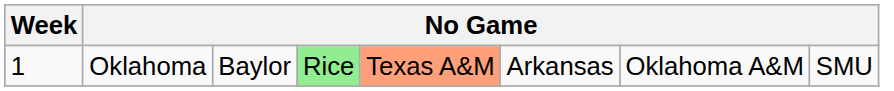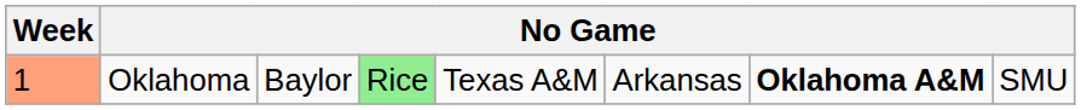 <table class="wikitable" style="font-size:95%">
 <tr>
 <th>Week</th>
 <th colspan="10">No Game</th>
 </tr>
 <tr>
-<td>1</td>
+<td style="background: lightsalmon;">1</td>
 <td>Oklahoma</td>
 <td>Baylor</td>
 <td style="background: lightgreen;">Rice</td>
-<td style="background: lightsalmon;">Texas A&M</td>
+<td>Texas A&M</td>
 <td>Arkansas</td>
-<td>Oklahoma A&M</td>
+<td><strong>Oklahoma A&M</strong></td>
 <td>SMU</td>
 </tr>
 </table>
